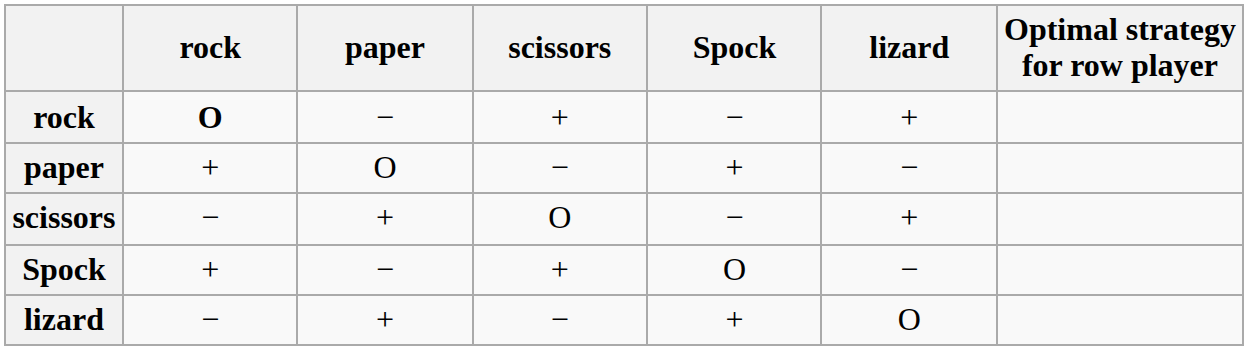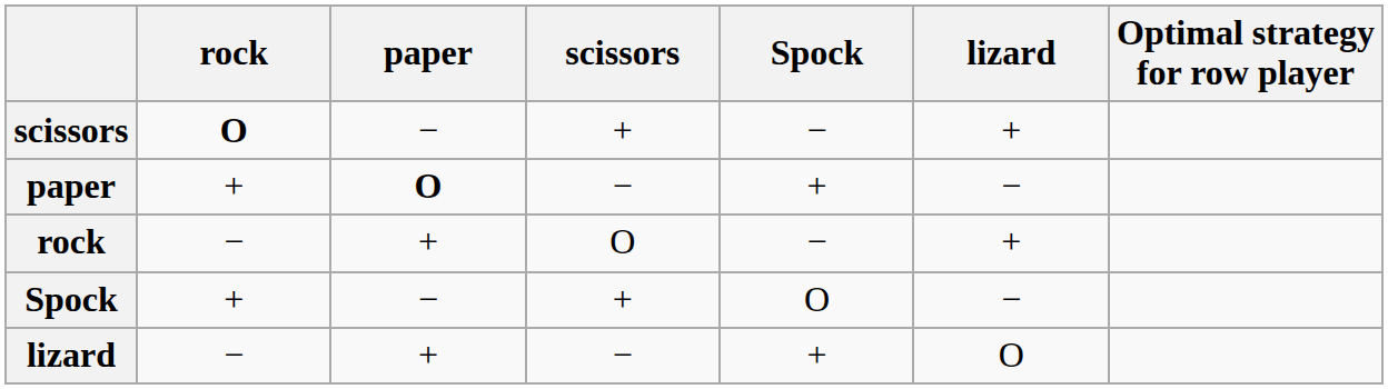 <table class="wikitable">
 <tr>
 <th></th>
 <th style=min-width:5em>rock</th>
 <th style=min-width:5em>paper</th>
 <th style=min-width:5em>scissors</th>
 <th style=min-width:5em>Spock</th>
 <th style=min-width:5em>lizard</th>
 <th nowrap>Optimal strategy<br>for row player</th>
 </tr>
 <tr style="text-align: center;">
-<th scope=row>rock</th>
+<th scope=row>scissors</th>
 <td><strong>O</strong></td>
 <td>−</td>
 <td>+</td>
 <td>−</td>
 <td>+</td>
 <td></td>
 </tr>
 <tr style="text-align: center;">
 <th scope=row>paper</th>
 <td>+</td>
-<td>O</td>
+<td><strong>O</strong></td>
 <td>−</td>
 <td>+</td>
 <td>−</td>
 <td></td>
 </tr>
 <tr style="text-align: center;">
-<th scope=row>scissors</th>
+<th scope=row>rock</th>
 <td>−</td>
 <td>+</td>
 <td>O</td>
 <td>−</td>
 <td>+</td>
 <td></td>
 </tr>
 <tr style="text-align: center;">
 <th scope=row>Spock</th>
 <td>+</td>
 <td>−</td>
 <td>+</td>
 <td>O</td>
 <td>−</td>
 <td></td>
 </tr>
 <tr style="text-align: center;">
 <th scope=row>lizard</th>
 <td>−</td>
 <td>+</td>
 <td>−</td>
 <td>+</td>
 <td>O</td>
 <td></td>
 </tr>
 </table>
